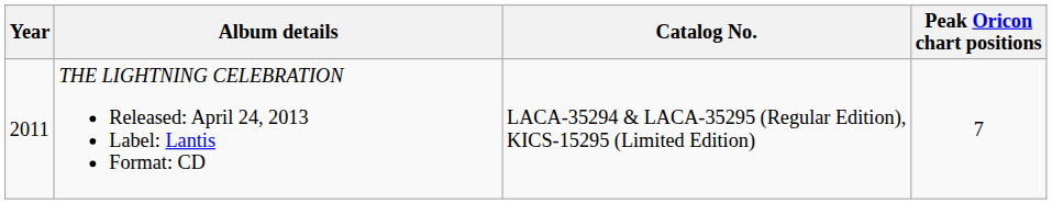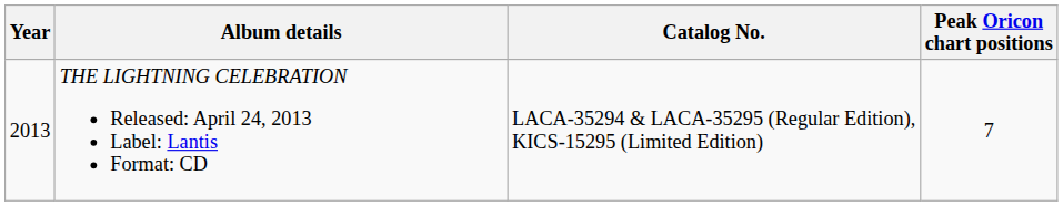 <table class="wikitable" border="1">
 <tr>
 <th rowspan="1">Year</th>
 <th rowspan="1" width="350">Album details</th>
 <th rowspan="1">Catalog No.</th>
 <th colspan="1">Peak <a href='#'>Oricon</a><br> chart positions</th>
 </tr>
 <tr>
-<td>2011</td>
+<td>2013</td>
 <td align="left"><em>THE LIGHTNING CELEBRATION</em><br><ul><li>Released: April 24, 2013</li><li>Label: <a href='#'>Lantis</a></li><li>Format: CD</li></ul></td>
 <td>LACA-35294 & LACA-35295 (Regular Edition),<br> KICS-15295 (Limited Edition)</td>
 <td align="center">7</td>
 </tr>
 </table>
